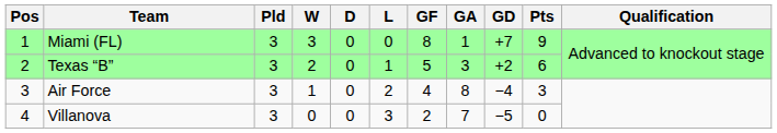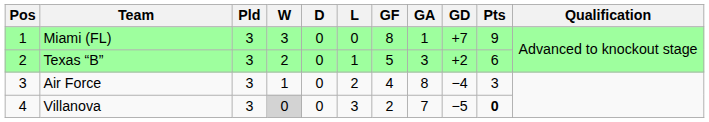 <table class="wikitable" style="text-align:center; margin: 1em auto">
 <tr>
 <th style="width:2em">Pos</th>
 <th style="width:13em">Team</th>
 <th style="width:2em">Pld</th>
 <th style="width:2em">W</th>
 <th style="width:2em">D</th>
 <th style="width:2em">L</th>
 <th style="width:2em">GF</th>
 <th style="width:2em">GA</th>
 <th style="width:2em">GD</th>
 <th style="width:2em">Pts</th>
 <th style="width:13em">Qualification</th>
 </tr>
 <tr bgcolor="#9eff9e">
 <td>1</td>
 <td style="text-align:left">Miami (FL)</td>
 <td>3</td>
 <td>3</td>
 <td>0</td>
 <td>0</td>
 <td>8</td>
 <td>1</td>
 <td>+7</td>
 <td>9</td>
 <td rowspan="2">Advanced to knockout stage</td>
 </tr>
 <tr bgcolor="#9eff9e">
 <td>2</td>
 <td style="text-align:left">Texas “B”</td>
 <td>3</td>
 <td>2</td>
 <td>0</td>
 <td>1</td>
 <td>5</td>
 <td>3</td>
 <td>+2</td>
 <td>6</td>
 </tr>
 <tr>
 <td>3</td>
 <td style="text-align:left">Air Force</td>
 <td>3</td>
 <td>1</td>
 <td>0</td>
 <td>2</td>
 <td>4</td>
 <td>8</td>
 <td>−4</td>
 <td>3</td>
 </tr>
 <tr>
 <td>4</td>
 <td style="text-align:left">Villanova</td>
 <td>3</td>
-<td>0</td>
+<td style="background: lightgrey;">0</td>
 <td>0</td>
 <td>3</td>
 <td>2</td>
 <td>7</td>
 <td>−5</td>
-<td>0</td>
+<td><strong>0</strong></td>
 </tr>
 </table>
